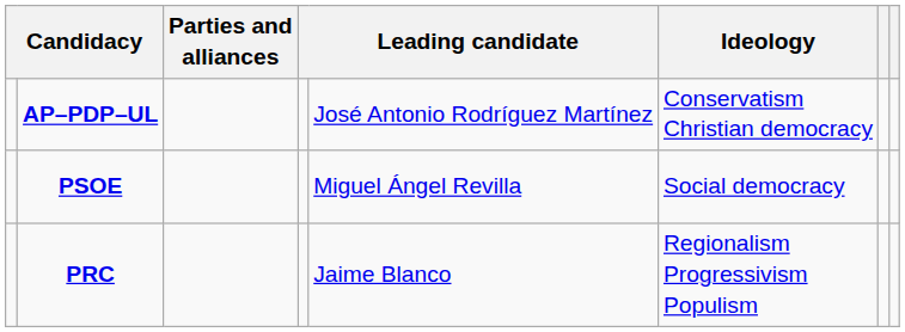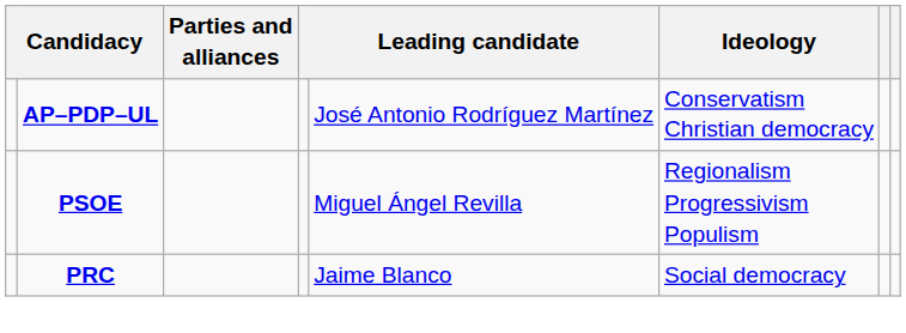 <table class="wikitable" style="line-height:1.35em; text-align:left;">
 <tr>
 <th colspan="2">Candidacy</th>
 <th>Parties and<br>alliances</th>
 <th colspan="2">Leading candidate</th>
 <th>Ideology</th>
 <th></th>
 <th></th>
 </tr>
 <tr>
 <td width="1" style="color:inherit;background:"></td>
 <td align="center"><strong><a href='#'>AP–PDP–UL</a></strong></td>
 <td></td>
 <td></td>
 <td><a href='#'>José Antonio Rodríguez Martínez</a></td>
 <td><a href='#'>Conservatism</a><br><a href='#'>Christian democracy</a></td>
 <td></td>
 <td><br></td>
 </tr>
 <tr>
 <td style="color:inherit;background:"></td>
 <td align="center"><strong><a href='#'>PSOE</a></strong></td>
 <td></td>
 <td></td>
 <td><a href='#'>Miguel Ángel Revilla</a></td>
-<td><a href='#'>Social democracy</a></td>
+<td><a href='#'>Regionalism</a><br><a href='#'>Progressivism</a><br><a href='#'>Populism</a></td>
 <td></td>
 <td><br><br></td>
 </tr>
 <tr>
 <td style="color:inherit;background:"></td>
 <td align="center"><strong><a href='#'>PRC</a></strong></td>
 <td></td>
 <td></td>
 <td><a href='#'>Jaime Blanco</a></td>
-<td><a href='#'>Regionalism</a><br><a href='#'>Progressivism</a><br><a href='#'>Populism</a></td>
+<td><a href='#'>Social democracy</a></td>
 <td></td>
 <td></td>
 </tr>
 </table>
